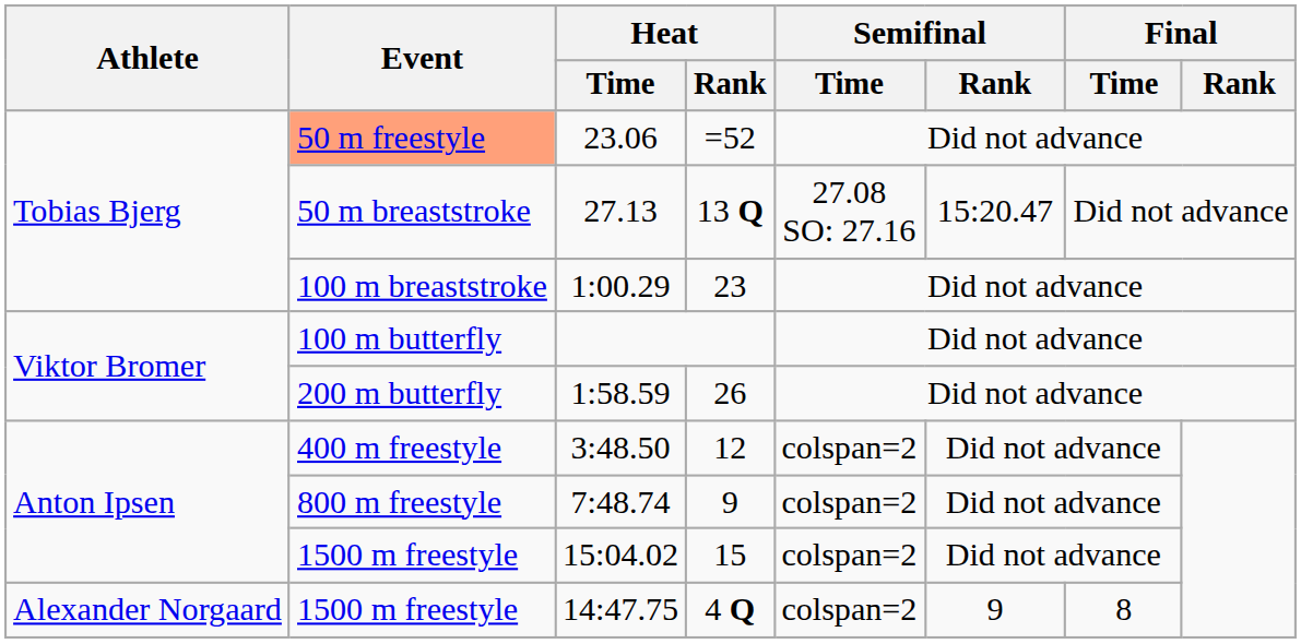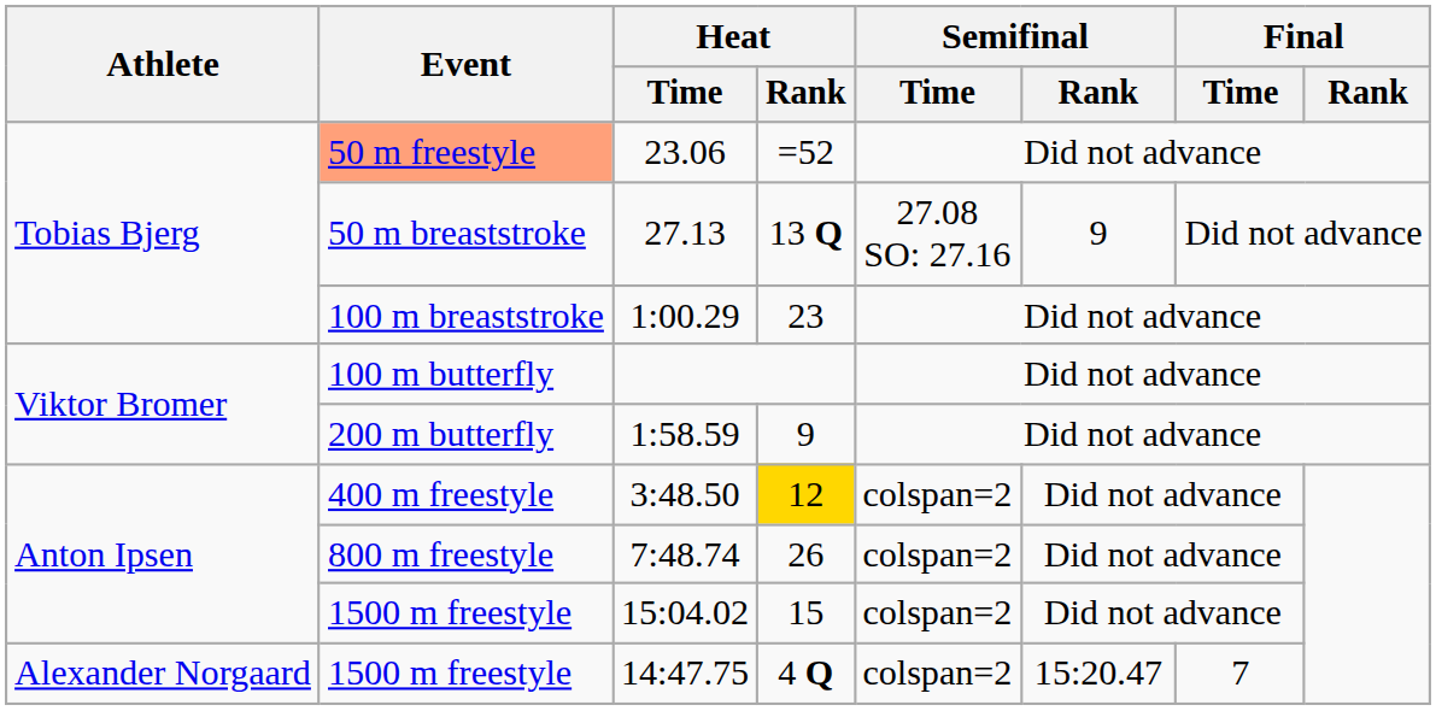 <table class="wikitable" style="text-align:center; font-size:90%">
 <tr>
 <th rowspan="2">Athlete</th>
 <th rowspan="2">Event</th>
 <th colspan="2">Heat</th>
 <th colspan="2">Semifinal</th>
 <th colspan="2">Final</th>
 </tr>
 <tr style="font-size:95%">
 <th>Time</th>
 <th>Rank</th>
 <th>Time</th>
 <th>Rank</th>
 <th>Time</th>
 <th>Rank</th>
 </tr>
 <tr>
 <td align=left rowspan=3><a href='#'>Tobias Bjerg</a></td>
 <td align=left style="background: lightsalmon;"><a href='#'>50 m freestyle</a></td>
 <td>23.06</td>
 <td>=52</td>
 <td colspan=4>Did not advance</td>
 </tr>
 <tr>
 <td align=left><a href='#'>50 m breaststroke</a></td>
 <td>27.13</td>
 <td>13 <strong>Q</strong></td>
 <td>27.08<br>SO: 27.16</td>
-<td>15:20.47</td>
+<td>9</td>
 <td colspan=2>Did not advance</td>
 </tr>
 <tr>
 <td align=left><a href='#'>100 m breaststroke</a></td>
 <td>1:00.29</td>
 <td>23</td>
 <td colspan=4>Did not advance</td>
 </tr>
 <tr>
 <td align=left rowspan=2><a href='#'>Viktor Bromer</a></td>
 <td align=left><a href='#'>100 m butterfly</a></td>
 <td colspan=2></td>
 <td colspan=4>Did not advance</td>
 </tr>
 <tr>
 <td align=left><a href='#'>200 m butterfly</a></td>
 <td>1:58.59</td>
-<td>26</td>
+<td>9</td>
 <td colspan=4>Did not advance</td>
 </tr>
 <tr>
 <td align=left rowspan=3><a href='#'>Anton Ipsen</a></td>
 <td align=left><a href='#'>400 m freestyle</a></td>
 <td>3:48.50</td>
-<td>12</td>
+<td style="background: gold;">12</td>
 <td>colspan=2 </td>
 <td colspan=2>Did not advance</td>
 </tr>
 <tr>
 <td align=left><a href='#'>800 m freestyle</a></td>
 <td>7:48.74</td>
-<td>9</td>
+<td>26</td>
 <td>colspan=2 </td>
 <td colspan=2>Did not advance</td>
 </tr>
 <tr>
 <td align=left><a href='#'>1500 m freestyle</a></td>
 <td>15:04.02</td>
 <td>15</td>
 <td>colspan=2 </td>
 <td colspan=2>Did not advance</td>
 </tr>
 <tr>
 <td align=left><a href='#'>Alexander Norgaard</a></td>
 <td align=left><a href='#'>1500 m freestyle</a></td>
 <td>14:47.75</td>
 <td>4 <strong>Q</strong></td>
 <td>colspan=2 </td>
-<td>9</td>
-<td>8</td>
+<td>15:20.47</td>
+<td>7</td>
 </tr>
 </table>
